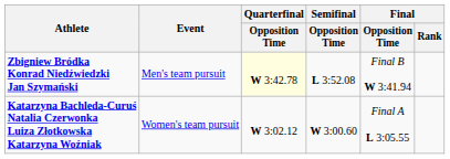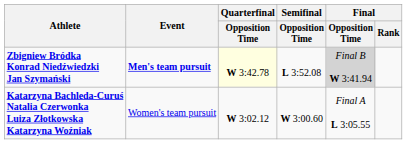 <table class="wikitable" style="font-size:90%">
 <tr>
 <th rowspan="2">Athlete</th>
 <th rowspan="2">Event</th>
 <th>Quarterfinal</th>
 <th>Semifinal</th>
 <th colspan="2">Final</th>
 </tr>
 <tr style="font-size:95%">
 <th>Opposition<br>Time</th>
 <th>Opposition<br>Time</th>
 <th>Opposition<br>Time</th>
 <th>Rank</th>
 </tr>
 <tr align=center>
 <td align=left><strong><a href='#'>Zbigniew Bródka</a><br><a href='#'>Konrad Niedźwiedzki</a><br><a href='#'>Jan Szymański</a></strong></td>
-<td align=left><a href='#'>Men's team pursuit</a></td>
+<td align=left><strong><a href='#'>Men's team pursuit</a></strong></td>
 <td style="background: lightyellow;"> <br><strong>W</strong> 3:42.78</td>
 <td> <br><strong>L</strong> 3:52.08</td>
-<td><em>Final B</em> <br> <br><strong>W</strong> 3:41.94</td>
+<td style="background: lightgrey;"><em>Final B</em> <br> <br><strong>W</strong> 3:41.94</td>
 <td></td>
 </tr>
 <tr align=center>
 <td align=left><strong><a href='#'>Katarzyna Bachleda-Curuś</a><br><a href='#'>Natalia Czerwonka</a><br><a href='#'>Luiza Złotkowska</a><br><a href='#'>Katarzyna Woźniak</a></strong></td>
 <td align=left><a href='#'>Women's team pursuit</a></td>
 <td> <br><strong>W</strong> 3:02.12</td>
 <td> <br><strong>W</strong> 3:00.60</td>
 <td><em>Final A</em> <br> <br><strong>L</strong> 3:05.55</td>
 <td></td>
 </tr>
 </table>
